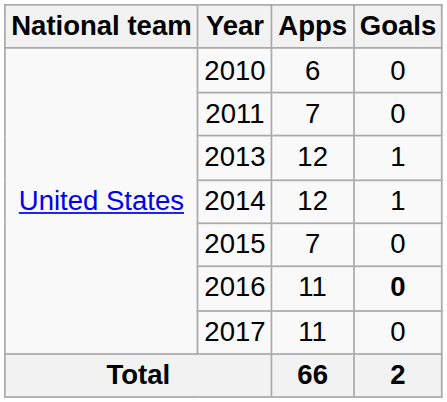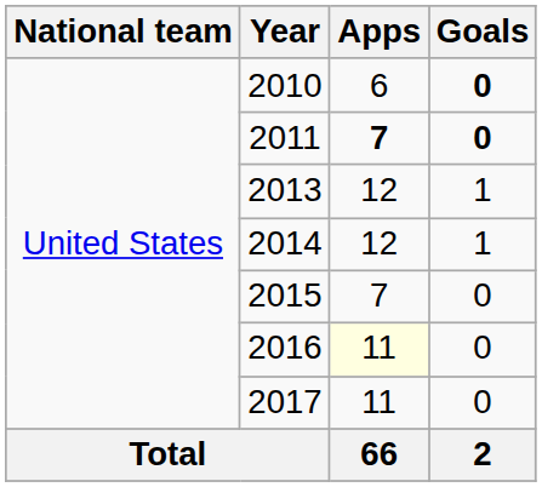 <table class="wikitable" style="text-align:center">
 <tr>
 <th>National team</th>
 <th>Year</th>
 <th>Apps</th>
 <th>Goals</th>
 </tr>
 <tr>
 <td rowspan="7"><a href='#'>United States</a></td>
 <td>2010</td>
 <td>6</td>
-<td>0</td>
+<td><strong>0</strong></td>
 </tr>
 <tr>
 <td>2011</td>
-<td>7</td>
-<td>0</td>
+<td><strong>7</strong></td>
+<td><strong>0</strong></td>
 </tr>
 <tr>
 <td>2013</td>
 <td>12</td>
 <td>1</td>
 </tr>
 <tr>
 <td>2014</td>
 <td>12</td>
 <td>1</td>
 </tr>
 <tr>
 <td>2015</td>
 <td>7</td>
 <td>0</td>
 </tr>
 <tr>
 <td>2016</td>
-<td>11</td>
-<td><strong>0</strong></td>
+<td style="background: lightyellow;">11</td>
+<td>0</td>
 </tr>
 <tr>
 <td>2017</td>
 <td>11</td>
 <td>0</td>
 </tr>
 <tr>
 <th colspan="2">Total</th>
 <th>66</th>
 <th>2</th>
 </tr>
 </table>
